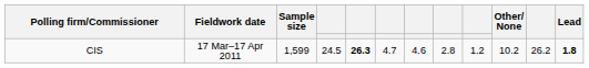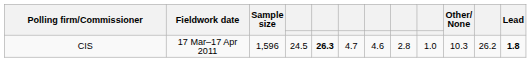 <table class="wikitable collapsible collapsed" style="text-align:center; font-size:90%; line-height:14px;">
 <tr style="height:42px;">
 <th style="width:250px;" rowspan="2">Polling firm/Commissioner</th>
 <th style="width:125px;" rowspan="2">Fieldwork date</th>
 <th style="width:50px;" rowspan="2">Sample size</th>
 <th style="width:35px;"></th>
 <th style="width:35px;"></th>
 <th style="width:35px;"></th>
 <th style="width:35px;"></th>
 <th style="width:35px;"></th>
 <th style="width:35px;"></th>
 <th style="width:35px;" rowspan="2">Other/<br>None</th>
 <th style="width:35px;" rowspan="2"></th>
 <th style="width:30px;" rowspan="2">Lead</th>
 </tr>
 <tr>
 <th style="color:inherit;background:"></th>
 <th style="color:inherit;background:"></th>
 <th style="color:inherit;background:"></th>
 <th style="color:inherit;background:"></th>
 <th style="color:inherit;background:"></th>
 <th style="color:inherit;background:"></th>
 </tr>
 <tr>
 <td>CIS</td>
 <td>17 Mar–17 Apr 2011</td>
-<td>1,599</td>
+<td>1,596</td>
 <td>24.5</td>
 <td><strong>26.3</strong></td>
 <td>4.7</td>
 <td>4.6</td>
 <td>2.8</td>
-<td>1.2</td>
-<td>10.2</td>
+<td>1.0</td>
+<td>10.3</td>
 <td>26.2</td>
 <td style="background:"><strong>1.8</strong></td>
 </tr>
 </table>
